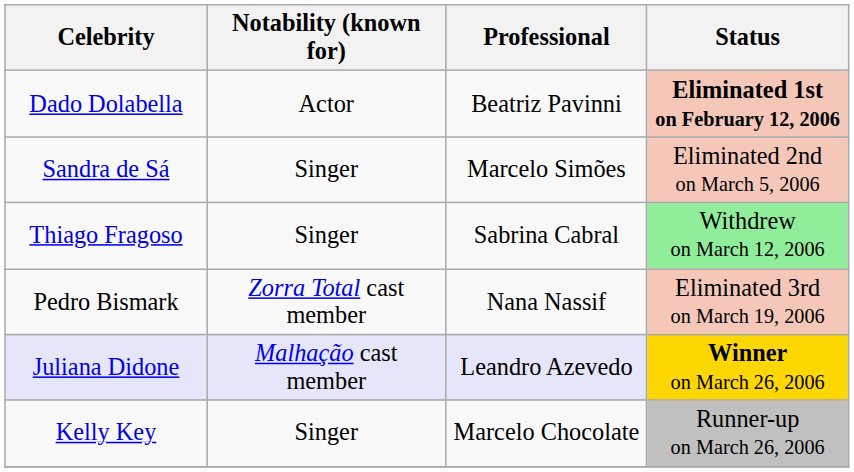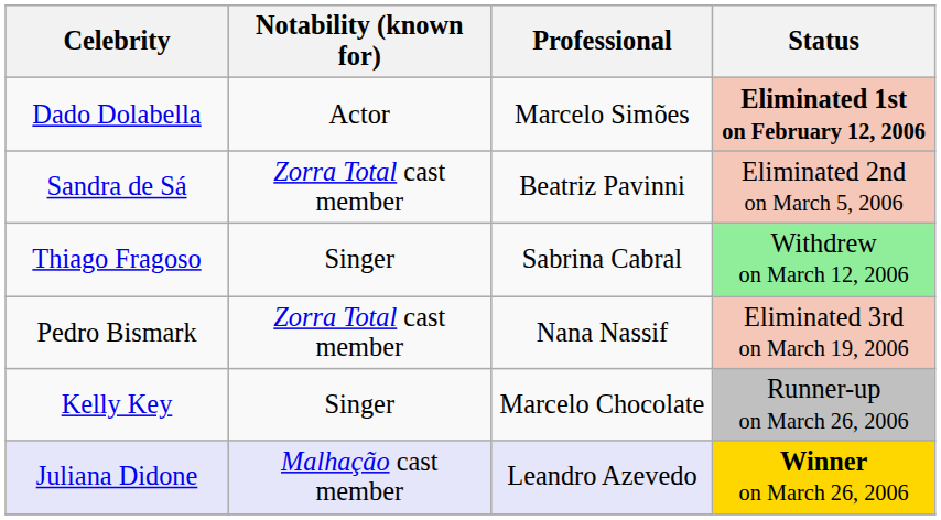 <table class= "wikitable sortable" style="text-align: center; margin:1em auto; align: center">
 <tr>
 <th width=125>Celebrity</th>
 <th width=150>Notability (known for)</th>
 <th width=125>Professional</th>
 <th width=125>Status</th>
 </tr>
 <tr>
 <td><a href='#'>Dado Dolabella</a></td>
 <td>Actor</td>
-<td>Beatriz Pavinni</td>
+<td>Marcelo Simões</td>
 <td bgcolor="F4C7B8"><strong>Eliminated 1st<br><small>on February 12, 2006</small></strong></td>
 </tr>
 <tr>
 <td><a href='#'>Sandra de Sá</a></td>
-<td>Singer</td>
-<td>Marcelo Simões</td>
+<td><em><a href='#'>Zorra Total</a></em> cast member</td>
+<td>Beatriz Pavinni</td>
 <td bgcolor="F4C7B8">Eliminated 2nd<br><small>on March 5, 2006</small></td>
 </tr>
 <tr>
 <td><a href='#'>Thiago Fragoso</a></td>
 <td>Singer</td>
 <td>Sabrina Cabral</td>
 <td bgcolor="90EE9B">Withdrew<br><small>on March 12, 2006</small></td>
 </tr>
 <tr>
 <td>Pedro Bismark</td>
 <td><em><a href='#'>Zorra Total</a></em> cast member</td>
 <td>Nana Nassif</td>
 <td bgcolor="F4C7B8">Eliminated 3rd<br><small>on March 19, 2006</small></td>
 </tr>
 <tr>
+<td><a href='#'>Kelly Key</a></td>
+<td>Singer</td>
+<td>Marcelo Chocolate</td>
+<td bgcolor="C0C0C0">Runner-up<br><small>on March 26, 2006</small></td>
+</tr>
+<tr>
 <td bgcolor="E6E6FA"><a href='#'>Juliana Didone</a></td>
 <td bgcolor="E6E6FA"><em><a href='#'>Malhação</a></em> cast member</td>
 <td bgcolor="E6E6FA">Leandro Azevedo</td>
 <td bgcolor="FFD700"><strong>Winner</strong><br><small>on March 26, 2006</small></td>
 </tr>
 <tr>
-<td><a href='#'>Kelly Key</a></td>
-<td>Singer</td>
-<td>Marcelo Chocolate</td>
-<td bgcolor="C0C0C0">Runner-up<br><small>on March 26, 2006</small></td>
-</tr>
-<tr>
 </tr>
 </table>
